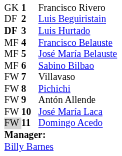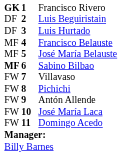 <table style="font-size:90%; margin:0.2em auto;" cellspacing="0" cellpadding="0">
 <tr>
 <th width="25"></th>
 <th width="25"></th>
 </tr>
 <tr>
-<td>GK</td>
+<td><strong>GK</strong></td>
 <td><strong>1</strong></td>
 <td> Francisco Rivero</td>
 </tr>
 <tr>
 <td>DF</td>
 <td><strong>2</strong></td>
 <td> <a href='#'>Luis Beguiristain</a></td>
 </tr>
 <tr>
-<td><strong>DF</strong></td>
+<td>DF</td>
 <td><strong>3</strong></td>
 <td> <a href='#'>Luis Hurtado</a></td>
 </tr>
 <tr>
 <td>MF</td>
 <td><strong>4</strong></td>
 <td> <a href='#'>Francisco Belauste</a></td>
 </tr>
 <tr>
 <td>MF</td>
 <td><strong>5</strong></td>
 <td> <a href='#'>José María Belauste</a></td>
 </tr>
 <tr>
-<td>MF</td>
+<td><strong>MF</strong></td>
 <td><strong>6</strong></td>
 <td> <a href='#'>Sabino Bilbao</a></td>
 </tr>
 <tr>
 <td>FW</td>
 <td><strong>7</strong></td>
 <td> Villavaso</td>
 </tr>
 <tr>
 <td>FW</td>
 <td><strong>8</strong></td>
 <td> <a href='#'>Pichichi</a></td>
 </tr>
 <tr>
 <td>FW</td>
 <td><strong>9</strong></td>
 <td> Antón Allende</td>
 </tr>
 <tr>
 <td>FW</td>
 <td><strong>10</strong></td>
 <td> <a href='#'>José María Laca</a></td>
 </tr>
 <tr>
-<td style="background: lightgrey;">FW</td>
+<td>FW</td>
 <td><strong>11</strong></td>
 <td> <a href='#'>Domingo Acedo</a></td>
 </tr>
 <tr>
 <td colspan=3><strong>Manager:</strong></td>
 </tr>
 <tr>
 <td colspan=4> <a href='#'>Billy Barnes</a></td>
 </tr>
 </table>
